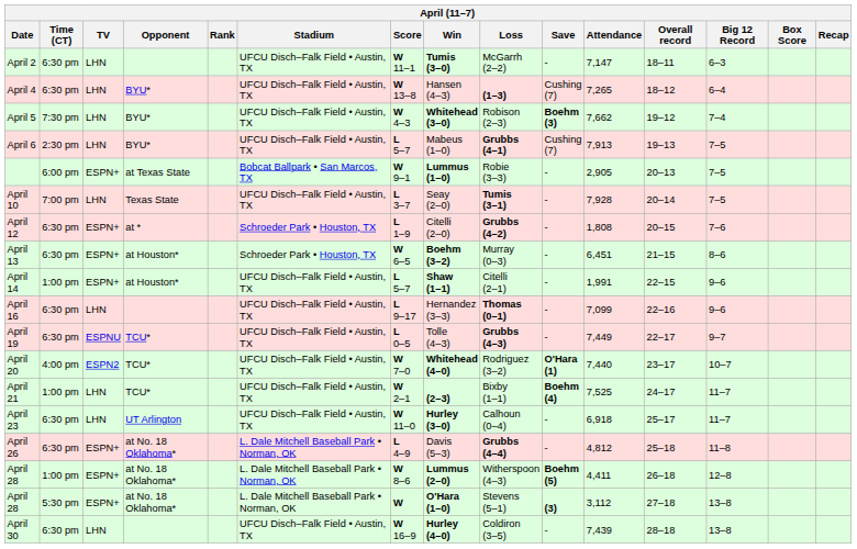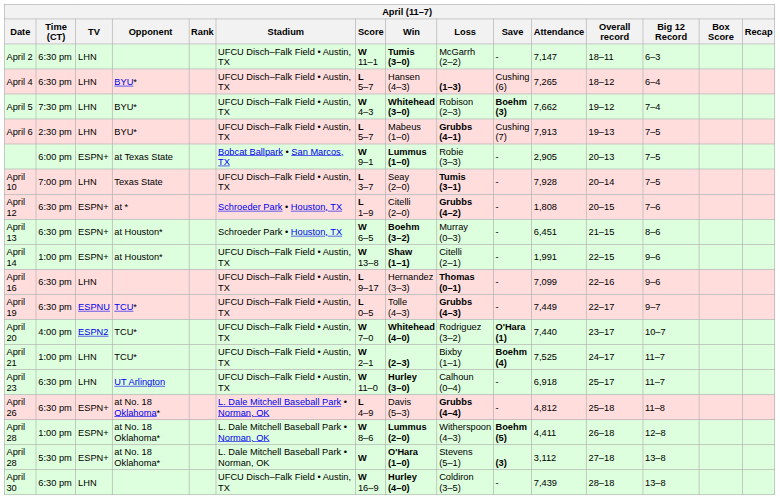 <table class="wikitable collapsible collapsed" style="margin:auto; font-size:95%; width:100%">
 <tr>
 <th colspan=15 style="padding-left:4em;">April (11–7)</th>
 </tr>
 <tr>
 <th>Date</th>
 <th>Time (CT)</th>
 <th>TV</th>
 <th>Opponent</th>
 <th>Rank</th>
 <th>Stadium</th>
 <th>Score</th>
 <th>Win</th>
 <th>Loss</th>
 <th>Save</th>
 <th>Attendance</th>
 <th>Overall record</th>
 <th>Big 12 Record</th>
 <th>Box Score</th>
 <th>Recap</th>
 </tr>
 <tr bgcolor=ddffdd>
 <td>April 2</td>
 <td>6:30 pm</td>
 <td>LHN</td>
 <td></td>
 <td></td>
 <td>UFCU Disch–Falk Field • Austin, TX</td>
 <td><strong>W</strong><br>11–1</td>
 <td><strong>Tumis<br>(3–0)</strong></td>
 <td>McGarrh<br>(2–2)</td>
 <td>-</td>
 <td>7,147</td>
 <td>18–11</td>
 <td>6–3</td>
 <td></td>
 <td></td>
 </tr>
 <tr bgcolor=ffdddd>
 <td>April 4</td>
 <td>6:30 pm</td>
 <td>LHN</td>
 <td><a href='#'>BYU</a>*</td>
 <td></td>
 <td>UFCU Disch–Falk Field • Austin, TX</td>
-<td><strong>W</strong><br>13–8</td>
+<td><strong>L</strong><br>5–7</td>
 <td>Hansen<br>(4–3)</td>
 <td><strong><br>(1–3)</strong></td>
-<td>Cushing<br>(7)</td>
+<td>Cushing<br>(6)</td>
 <td>7,265</td>
 <td>18–12</td>
 <td>6–4</td>
 <td></td>
 <td></td>
 </tr>
 <tr bgcolor=ddffdd>
 <td>April 5</td>
 <td>7:30 pm</td>
 <td>LHN</td>
 <td>BYU*</td>
 <td></td>
 <td>UFCU Disch–Falk Field • Austin, TX</td>
 <td><strong>W</strong><br>4–3</td>
 <td><strong>Whitehead<br>(3–0)</strong></td>
 <td>Robison<br>(2–3)</td>
 <td><strong>Boehm<br>(3)</strong></td>
 <td>7,662</td>
 <td>19–12</td>
 <td>7–4</td>
 <td></td>
 <td></td>
 </tr>
 <tr bgcolor=ffdddd>
 <td>April 6</td>
 <td>2:30 pm</td>
 <td>LHN</td>
 <td>BYU*</td>
 <td></td>
 <td>UFCU Disch–Falk Field • Austin, TX</td>
 <td><strong>L</strong><br>5–7</td>
 <td>Mabeus<br>(1–0)</td>
 <td><strong>Grubbs<br>(4–1)</strong></td>
 <td>Cushing<br>(7)</td>
 <td>7,913</td>
 <td>19–13</td>
 <td>7–5</td>
 <td></td>
 <td></td>
 </tr>
 <tr bgcolor=ddffdd>
 <td></td>
 <td>6:00 pm</td>
 <td>ESPN+</td>
 <td>at  Texas State</td>
 <td></td>
 <td><a href='#'>Bobcat Ballpark</a> • <a href='#'>San Marcos, TX</a></td>
 <td><strong>W</strong><br>9–1</td>
 <td><strong>Lummus<br>(1–0)</strong></td>
 <td>Robie<br>(3–3)</td>
 <td>-</td>
 <td>2,905</td>
 <td>20–13</td>
 <td>7–5</td>
 <td></td>
 <td></td>
 </tr>
 <tr bgcolor=ffdddd>
 <td>April 10</td>
 <td>7:00 pm</td>
 <td>LHN</td>
 <td>Texas State</td>
 <td></td>
 <td>UFCU Disch–Falk Field • Austin, TX</td>
 <td><strong>L</strong><br>3–7</td>
 <td>Seay<br>(2–0)</td>
 <td><strong>Tumis<br>(3–1)</strong></td>
 <td>-</td>
 <td>7,928</td>
 <td>20–14</td>
 <td>7–5</td>
 <td></td>
 <td></td>
 </tr>
 <tr bgcolor=ffdddd>
 <td>April 12</td>
 <td>6:30 pm</td>
 <td>ESPN+</td>
 <td>at  *</td>
 <td></td>
 <td><a href='#'>Schroeder Park</a> • <a href='#'>Houston, TX</a></td>
 <td><strong>L</strong><br>1–9</td>
 <td>Citelli<br>(2–0)</td>
 <td><strong>Grubbs<br>(4–2)</strong></td>
 <td>-</td>
 <td>1,808</td>
 <td>20–15</td>
 <td>7–6</td>
 <td></td>
 <td></td>
 </tr>
 <tr bgcolor=ddffdd>
 <td>April 13</td>
 <td>6:30 pm</td>
 <td>ESPN+</td>
 <td>at  Houston*</td>
 <td></td>
 <td>Schroeder Park • <a href='#'>Houston, TX</a></td>
 <td><strong>W</strong><br>6–5</td>
 <td><strong>Boehm<br>(3–2)</strong></td>
 <td>Murray<br>(0–3)</td>
 <td>-</td>
 <td>6,451</td>
 <td>21–15</td>
 <td>8–6</td>
 <td></td>
 <td></td>
 </tr>
 <tr bgcolor=ddffdd>
 <td>April 14</td>
 <td>1:00 pm</td>
 <td>ESPN+</td>
 <td>at  Houston*</td>
 <td></td>
 <td>UFCU Disch–Falk Field • Austin, TX</td>
-<td><strong>L</strong><br>5–7</td>
+<td><strong>W</strong><br>13–8</td>
 <td><strong>Shaw<br>(1–1)</strong></td>
 <td>Citelli<br>(2–1)</td>
 <td>-</td>
 <td>1,991</td>
 <td>22–15</td>
 <td>9–6</td>
 <td></td>
 <td></td>
 </tr>
 <tr bgcolor=ffdddd>
 <td>April 16</td>
 <td>6:30 pm</td>
 <td>LHN</td>
 <td></td>
 <td></td>
 <td>UFCU Disch–Falk Field • Austin, TX</td>
 <td><strong>L</strong><br>9–17</td>
 <td>Hernandez<br>(3–3)</td>
 <td><strong>Thomas<br>(0–1)</strong></td>
 <td>-</td>
 <td>7,099</td>
 <td>22–16</td>
 <td>9–6</td>
 <td></td>
 <td></td>
 </tr>
 <tr bgcolor=ffdddd>
 <td>April 19</td>
 <td>6:30 pm</td>
 <td><a href='#'>ESPNU</a></td>
 <td><a href='#'>TCU</a>*</td>
 <td></td>
 <td>UFCU Disch–Falk Field • Austin, TX</td>
 <td><strong>L</strong><br>0–5</td>
 <td>Tolle<br>(4–3)</td>
 <td><strong>Grubbs<br>(4–3)</strong></td>
 <td>-</td>
 <td>7,449</td>
 <td>22–17</td>
 <td>9–7</td>
 <td></td>
 <td></td>
 </tr>
 <tr bgcolor=ddffdd>
 <td>April 20</td>
 <td>4:00 pm</td>
 <td><a href='#'>ESPN2</a></td>
 <td>TCU*</td>
 <td></td>
 <td>UFCU Disch–Falk Field • Austin, TX</td>
 <td><strong>W</strong><br>7–0</td>
 <td><strong>Whitehead<br>(4–0)</strong></td>
 <td>Rodriguez<br>(3–2)</td>
 <td><strong>O'Hara<br>(1)</strong></td>
 <td>7,440</td>
 <td>23–17</td>
 <td>10–7</td>
 <td></td>
 <td></td>
 </tr>
 <tr bgcolor=ddffdd>
 <td>April 21</td>
 <td>1:00 pm</td>
 <td>LHN</td>
 <td>TCU*</td>
 <td></td>
 <td>UFCU Disch–Falk Field • Austin, TX</td>
 <td><strong>W</strong><br>2–1</td>
 <td><strong><br>(2–3)</strong></td>
 <td>Bixby<br>(1–1)</td>
 <td><strong>Boehm<br>(4)</strong></td>
 <td>7,525</td>
 <td>24–17</td>
 <td>11–7</td>
 <td></td>
 <td></td>
 </tr>
 <tr bgcolor=ddffdd>
 <td>April 23</td>
 <td>6:30 pm</td>
 <td>LHN</td>
 <td><a href='#'>UT Arlington</a></td>
 <td></td>
 <td>UFCU Disch–Falk Field • Austin, TX</td>
 <td><strong>W</strong><br>11–0</td>
 <td><strong>Hurley<br>(3–0)</strong></td>
 <td>Calhoun<br>(0–4)</td>
 <td>-</td>
 <td>6,918</td>
 <td>25–17</td>
 <td>11–7</td>
 <td></td>
 <td></td>
 </tr>
 <tr bgcolor=ffdddd>
 <td>April 26</td>
 <td>6:30 pm</td>
 <td>ESPN+</td>
 <td>at No. 18 <a href='#'>Oklahoma</a>*</td>
 <td></td>
 <td><a href='#'>L. Dale Mitchell Baseball Park</a> • <a href='#'>Norman, OK</a></td>
 <td><strong>L</strong><br>4–9</td>
 <td>Davis<br>(5–3)</td>
 <td><strong>Grubbs<br>(4–4)</strong></td>
 <td>-</td>
 <td>4,812</td>
 <td>25–18</td>
 <td>11–8</td>
 <td></td>
 <td></td>
 </tr>
 <tr bgcolor=ddffdd>
 <td>April 28</td>
 <td>1:00 pm</td>
 <td>ESPN+</td>
 <td>at No. 18 Oklahoma*</td>
 <td></td>
 <td>L. Dale Mitchell Baseball Park • <a href='#'>Norman, OK</a></td>
 <td><strong>W</strong><br>8–6</td>
 <td><strong>Lummus<br>(2–0)</strong></td>
 <td>Witherspoon<br>(4–3)</td>
 <td><strong>Boehm<br>(5)</strong></td>
 <td>4,411</td>
 <td>26–18</td>
 <td>12–8</td>
 <td></td>
 <td></td>
 </tr>
 <tr bgcolor=ddffdd>
 <td>April 28</td>
 <td>5:30 pm</td>
 <td>ESPN+</td>
 <td>at No. 18 Oklahoma*</td>
 <td></td>
 <td>L. Dale Mitchell Baseball Park • Norman, OK</td>
 <td><strong>W</strong><br></td>
 <td><strong>O'Hara<br>(1–0)</strong></td>
 <td>Stevens<br>(5–1)</td>
 <td><strong><br>(3)</strong></td>
 <td>3,112</td>
 <td>27–18</td>
 <td>13–8</td>
 <td></td>
 <td></td>
 </tr>
 <tr bgcolor=ddffdd>
 <td>April 30</td>
 <td>6:30 pm</td>
 <td>LHN</td>
 <td></td>
 <td></td>
 <td>UFCU Disch–Falk Field • Austin, TX</td>
 <td><strong>W</strong><br>16–9</td>
 <td><strong>Hurley<br>(4–0)</strong></td>
 <td>Coldiron<br>(3–5)</td>
 <td>-</td>
 <td>7,439</td>
 <td>28–18</td>
 <td>13–8</td>
 <td></td>
 <td></td>
 </tr>
 </table>
